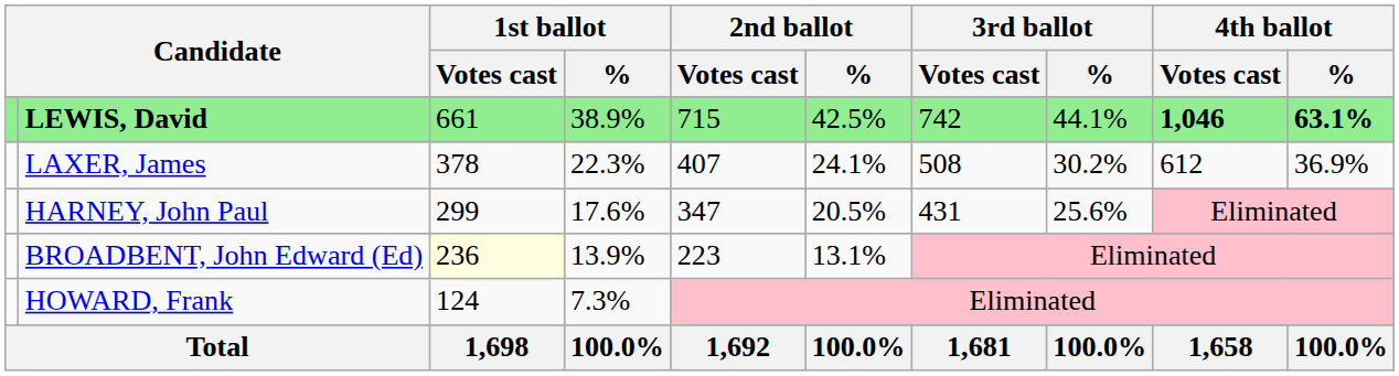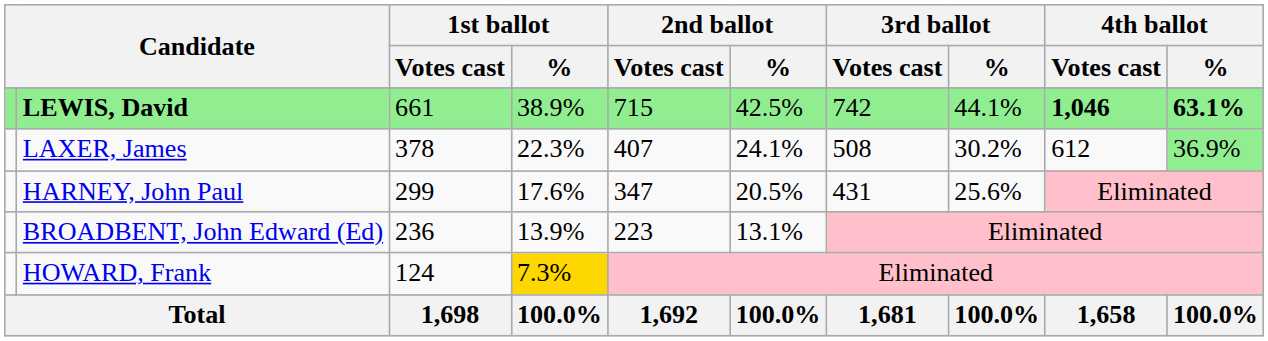 <table class="wikitable">
 <tr>
 <th rowspan="2" colspan="2">Candidate</th>
 <th colspan="2">1st ballot</th>
 <th colspan="2">2nd ballot</th>
 <th colspan="2">3rd ballot</th>
 <th colspan="2">4th ballot</th>
 </tr>
 <tr>
 <th>Votes cast</th>
 <th>%</th>
 <th>Votes cast</th>
 <th>%</th>
 <th>Votes cast</th>
 <th>%</th>
 <th>Votes cast</th>
 <th>%</th>
 </tr>
 <tr style="background:lightgreen;">
 <td></td>
 <td><strong>LEWIS, David</strong></td>
 <td>661</td>
 <td>38.9%</td>
 <td>715</td>
 <td>42.5%</td>
 <td>742</td>
 <td>44.1%</td>
 <td><strong>1,046</strong></td>
 <td><strong>63.1%</strong></td>
 </tr>
 <tr>
 <td></td>
 <td><a href='#'>LAXER, James</a></td>
 <td>378</td>
 <td>22.3%</td>
 <td>407</td>
 <td>24.1%</td>
 <td>508</td>
 <td>30.2%</td>
 <td>612</td>
-<td>36.9%</td>
+<td style="background: lightgreen;">36.9%</td>
 </tr>
 <tr>
 <td></td>
 <td><a href='#'>HARNEY, John Paul</a></td>
 <td>299</td>
 <td>17.6%</td>
 <td>347</td>
 <td>20.5%</td>
 <td>431</td>
 <td>25.6%</td>
 <td style="text-align:center; background:pink;" colspan="2">Eliminated</td>
 </tr>
 <tr>
 <td></td>
 <td><a href='#'>BROADBENT, John Edward (Ed)</a></td>
-<td style="background: lightyellow;">236</td>
+<td>236</td>
 <td>13.9%</td>
 <td>223</td>
 <td>13.1%</td>
 <td style="text-align:center; background:pink;" colspan="4">Eliminated</td>
 </tr>
 <tr>
 <td></td>
 <td><a href='#'>HOWARD, Frank</a></td>
 <td>124</td>
-<td>7.3%</td>
+<td style="background: gold;">7.3%</td>
 <td style="text-align:center; background:pink;" colspan="6">Eliminated</td>
 </tr>
 <tr>
 <th colspan="2">Total</th>
 <th>1,698</th>
 <th>100.0%</th>
 <th>1,692</th>
 <th>100.0%</th>
 <th>1,681</th>
 <th>100.0%</th>
 <th>1,658</th>
 <th>100.0%</th>
 </tr>
 </table>
